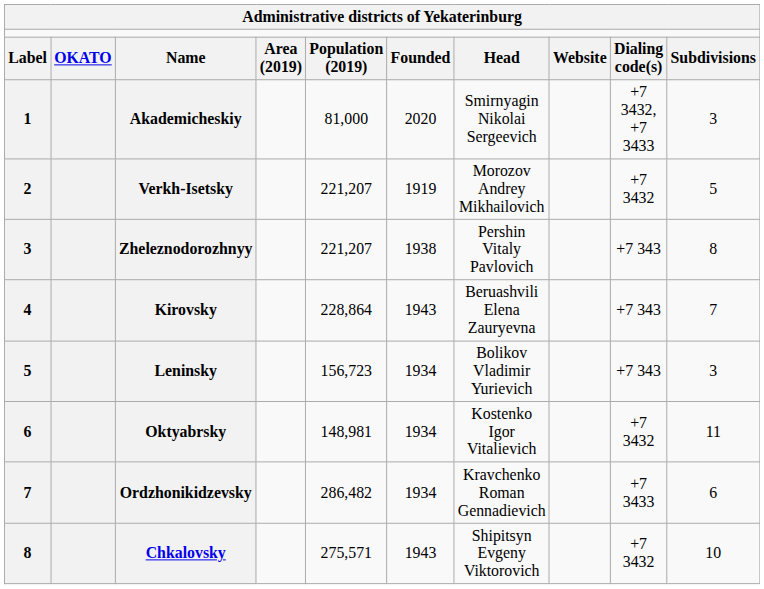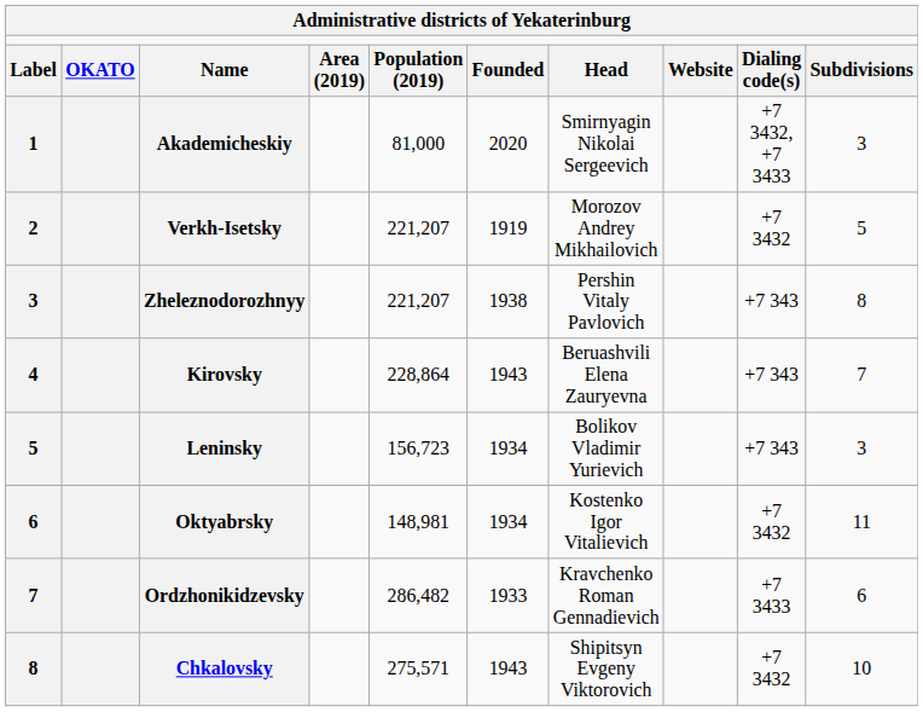 <table class="wikitable" style="margin:1em auto 1em auto; width:90%; text-align:centre; style:margin:1em auto 1em auto; width:90%; text-align:center">
 <tr>
 <th colspan="12">Administrative districts of Yekaterinburg</th>
 </tr>
 <tr>
 <td Colspan="12"><div></div></td>
 </tr>
 <tr>
 <th scope="col">Label</th>
 <th><a href='#'>OKATO</a></th>
 <th scope="col">Name</th>
 <th scope="col">Area<br>(2019)</th>
 <th scope="col">Population<br>(2019)</th>
 <th scope="col">Founded</th>
 <th>Head</th>
 <th>Website</th>
 <th scope="col">Dialing code(s)</th>
 <th>Subdivisions</th>
 </tr>
 <tr>
 <th>1</th>
 <th></th>
 <th>Akademicheskiy</th>
 <td></td>
 <td>81,000</td>
 <td>2020</td>
 <td>Smirnyagin Nikolai Sergeevich</td>
 <td></td>
 <td>+7 3432, +7 3433</td>
 <td>3</td>
 </tr>
 <tr>
 <th>2</th>
 <th></th>
 <th>Verkh-Isetsky</th>
 <td></td>
 <td>221,207</td>
 <td>1919</td>
 <td>Morozov Andrey Mikhailovich</td>
 <td> </td>
 <td>+7 3432</td>
 <td>5</td>
 </tr>
 <tr>
 <th>3</th>
 <th></th>
 <th>Zheleznodorozhnyy</th>
 <td></td>
 <td>221,207</td>
 <td>1938</td>
 <td>Pershin Vitaly Pavlovich</td>
 <td> </td>
 <td>+7 343</td>
 <td>8</td>
 </tr>
 <tr>
 <th>4</th>
 <th></th>
 <th>Kirovsky</th>
 <td></td>
 <td>228,864</td>
 <td>1943</td>
 <td>Beruashvili Elena Zauryevna</td>
 <td> </td>
 <td>+7 343</td>
 <td>7</td>
 </tr>
 <tr>
 <th>5</th>
 <th></th>
 <th>Leninsky</th>
 <td></td>
 <td>156,723</td>
 <td>1934</td>
 <td>Bolikov Vladimir Yurievich</td>
 <td> </td>
 <td>+7 343</td>
 <td>3</td>
 </tr>
 <tr>
 <th>6</th>
 <th></th>
 <th>Oktyabrsky</th>
 <td></td>
 <td>148,981</td>
 <td>1934</td>
 <td>Kostenko Igor Vitalievich</td>
 <td> </td>
 <td>+7 3432</td>
 <td>11</td>
 </tr>
 <tr>
 <th>7</th>
 <th></th>
 <th>Ordzhonikidzevsky</th>
 <td></td>
 <td>286,482</td>
-<td>1934</td>
+<td>1933</td>
 <td>Kravchenko Roman Gennadievich</td>
 <td> </td>
 <td>+7 3433</td>
 <td>6</td>
 </tr>
 <tr>
 <th>8</th>
 <th></th>
 <th><a href='#'>Chkalovsky</a></th>
 <td></td>
 <td>275,571</td>
 <td>1943</td>
 <td>Shipitsyn Evgeny Viktorovich</td>
 <td> </td>
 <td>+7 3432</td>
 <td>10</td>
 </tr>
 </table>
